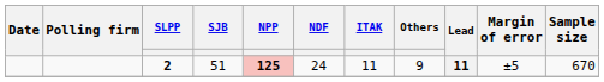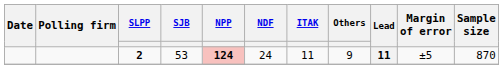 <table class="wikitable unsortable mw-datatable" style="text-align:center;font-size:90%;line-height:14px">
 <tr style="height:40px;">
 <th rowspan=2>Date</th>
 <th rowspan=2>Polling firm</th>
 <th class="unsortable" style="width:40px;"><small><a href='#'>SLPP</a></small></th>
 <th class="unsortable" style="width:40px;"><small><a href='#'>SJB</a></small></th>
 <th class="unsortable" style="width:40px;"><small><a href='#'>NPP</a></small></th>
 <th class="unsortable" style="width:40px;"><small><a href='#'>NDF</a></small></th>
 <th class="unsortable" style="width:40px;"><small><a href='#'>ITAK</a></small></th>
 <th class="unsortable" style="width:40px;"><small>Others</small></th>
 <th rowspan="2" data-sort-type="number"><small>Lead</small></th>
 <th rowspan="2" class="unsortable">Margin<br>of error</th>
 <th rowspan="2" class="unsortable">Sample<br>size</th>
 </tr>
 <tr>
 <th style="background:"></th>
 <th style="background:"></th>
 <th style="background:"></th>
 <th style="background:"></th>
 <th style="background:"></th>
 <th style="background:"></th>
 </tr>
 <tr>
 <td></td>
 <td></td>
 <td><strong>2</strong></td>
-<td>51</td>
-<td style="background:rgb(248, 193, 190)"><strong>125</strong></td>
+<td>53</td>
+<td style="background:rgb(248, 193, 190)"><strong>124</strong></td>
 <td>24</td>
 <td>11</td>
 <td>9</td>
 <th style="background:">11</th>
 <td>±5</td>
-<td style="text-align:right;">670</td>
+<td style="text-align:right;">870</td>
 </tr>
 <tr>
 </tr>
 </table>
